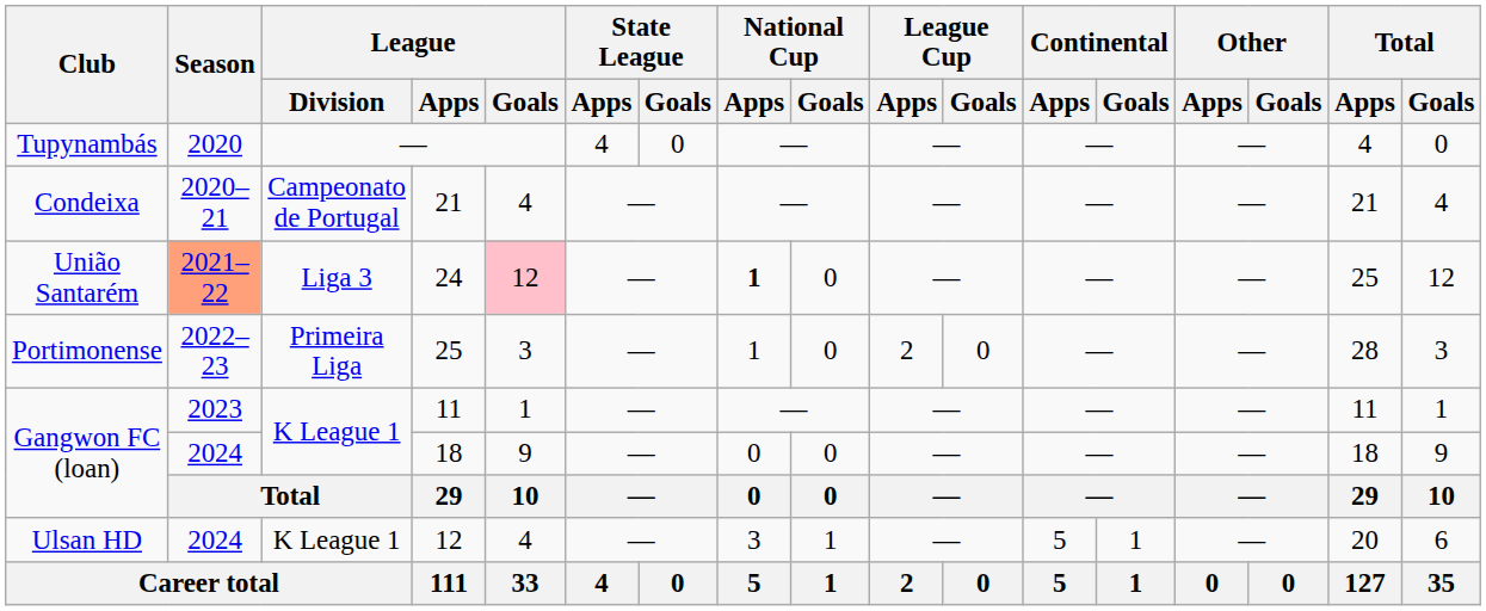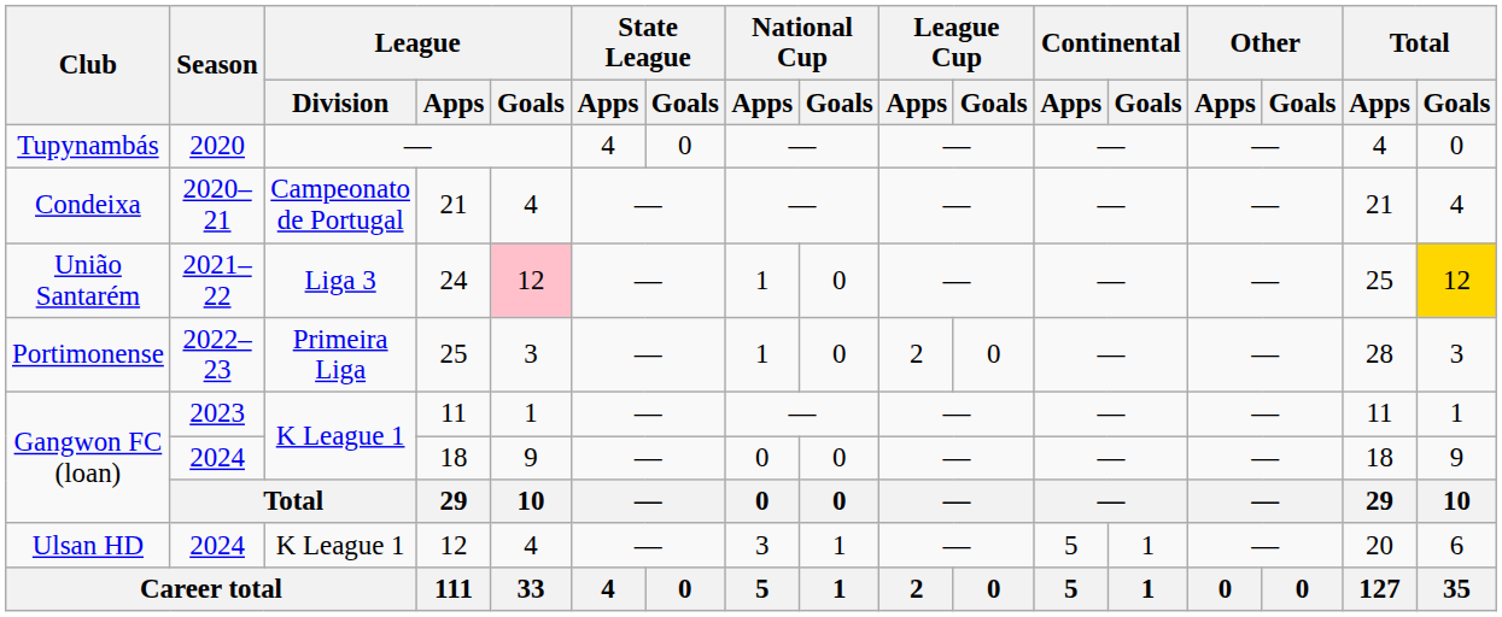 <table class="wikitable" style="text-align: center">
 <tr>
 <th rowspan="2">Club</th>
 <th rowspan="2">Season</th>
 <th colspan="3">League</th>
 <th colspan="2">State League</th>
 <th colspan="2">National Cup</th>
 <th colspan="2">League Cup</th>
 <th colspan="2">Continental</th>
 <th colspan="2">Other</th>
 <th colspan="2">Total</th>
 </tr>
 <tr>
 <th>Division</th>
 <th>Apps</th>
 <th>Goals</th>
 <th>Apps</th>
 <th>Goals</th>
 <th>Apps</th>
 <th>Goals</th>
 <th>Apps</th>
 <th>Goals</th>
 <th>Apps</th>
 <th>Goals</th>
 <th>Apps</th>
 <th>Goals</th>
 <th>Apps</th>
 <th>Goals</th>
 </tr>
 <tr>
 <td><a href='#'>Tupynambás</a></td>
 <td><a href='#'>2020</a></td>
 <td colspan="3">—</td>
 <td>4</td>
 <td>0</td>
 <td colspan="2">—</td>
 <td colspan="2">—</td>
 <td colspan="2">—</td>
 <td colspan="2">—</td>
 <td>4</td>
 <td>0</td>
 </tr>
 <tr>
 <td><a href='#'>Condeixa</a></td>
 <td><a href='#'>2020–21</a></td>
 <td><a href='#'>Campeonato de Portugal</a></td>
 <td>21</td>
 <td>4</td>
 <td colspan="2">—</td>
 <td colspan="2">—</td>
 <td colspan="2">—</td>
 <td colspan="2">—</td>
 <td colspan="2">—</td>
 <td>21</td>
 <td>4</td>
 </tr>
 <tr>
 <td><a href='#'>União Santarém</a></td>
-<td style="background: lightsalmon;"><a href='#'>2021–22</a></td>
+<td><a href='#'>2021–22</a></td>
 <td><a href='#'>Liga 3</a></td>
 <td>24</td>
 <td style="background: pink;">12</td>
 <td colspan="2">—</td>
-<td><strong>1</strong></td>
+<td>1</td>
 <td>0</td>
 <td colspan="2">—</td>
 <td colspan="2">—</td>
 <td colspan="2">—</td>
 <td>25</td>
-<td>12</td>
+<td style="background: gold;">12</td>
 </tr>
 <tr>
 <td><a href='#'>Portimonense</a></td>
 <td><a href='#'>2022–23</a></td>
 <td><a href='#'>Primeira Liga</a></td>
 <td>25</td>
 <td>3</td>
 <td colspan="2">—</td>
 <td>1</td>
 <td>0</td>
 <td>2</td>
 <td>0</td>
 <td colspan="2">—</td>
 <td colspan="2">—</td>
 <td>28</td>
 <td>3</td>
 </tr>
 <tr>
 <td rowspan="3"><a href='#'>Gangwon FC</a> (loan)</td>
 <td><a href='#'>2023</a></td>
 <td rowspan="2"><a href='#'>K League 1</a></td>
 <td>11</td>
 <td>1</td>
 <td colspan="2">—</td>
 <td colspan="2">—</td>
 <td colspan="2">—</td>
 <td colspan="2">—</td>
 <td colspan="2">—</td>
 <td>11</td>
 <td>1</td>
 </tr>
 <tr>
 <td><a href='#'>2024</a></td>
 <td>18</td>
 <td>9</td>
 <td colspan="2">—</td>
 <td>0</td>
 <td>0</td>
 <td colspan="2">—</td>
 <td colspan="2">—</td>
 <td colspan="2">—</td>
 <td>18</td>
 <td>9</td>
 </tr>
 <tr>
 <th colspan="2"><strong>Total</strong></th>
 <th>29</th>
 <th>10</th>
 <th colspan="2">—</th>
 <th>0</th>
 <th>0</th>
 <th colspan="2">—</th>
 <th colspan="2">—</th>
 <th colspan="2">—</th>
 <th>29</th>
 <th>10</th>
 </tr>
 <tr>
 <td><a href='#'>Ulsan HD</a></td>
 <td><a href='#'>2024</a></td>
 <td>K League 1</td>
 <td>12</td>
 <td>4</td>
 <td colspan="2">—</td>
 <td>3</td>
 <td>1</td>
 <td colspan="2">—</td>
 <td>5</td>
 <td>1</td>
 <td colspan="2">—</td>
 <td>20</td>
 <td>6</td>
 </tr>
 <tr>
 <th colspan="3"><strong>Career total</strong></th>
 <th>111</th>
 <th>33</th>
 <th>4</th>
 <th>0</th>
 <th>5</th>
 <th>1</th>
 <th>2</th>
 <th>0</th>
 <th>5</th>
 <th>1</th>
 <th>0</th>
 <th>0</th>
 <th>127</th>
 <th>35</th>
 </tr>
 </table>
